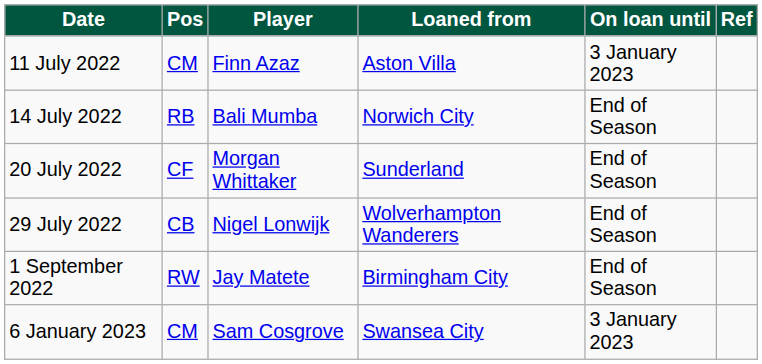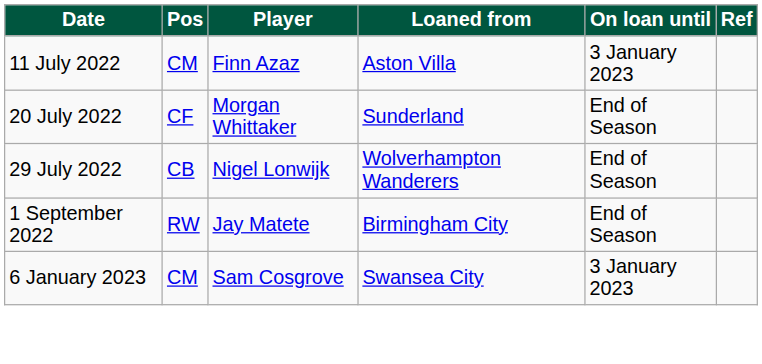 <table class="wikitable plainrowheaders sortable">
 <tr>
 <th style="background:#00563F; color:#ffffff; ">Date</th>
 <th style="background:#00563F; color:#ffffff; ">Pos</th>
 <th style="background:#00563F; color:#ffffff; ">Player</th>
 <th style="background:#00563F; color:#ffffff; ">Loaned from</th>
 <th style="background:#00563F; color:#ffffff; ">On loan until</th>
 <th style="background:#00563F; color:#ffffff; ">Ref</th>
 </tr>
 <tr>
 <td>11 July 2022</td>
 <td><a href='#'>CM</a></td>
 <td> <a href='#'>Finn Azaz</a></td>
 <td> <a href='#'>Aston Villa</a></td>
 <td>3 January 2023</td>
-<td></td>
-</tr>
-<tr>
-<td>14 July 2022</td>
-<td><a href='#'>RB</a></td>
-<td> <a href='#'>Bali Mumba</a></td>
-<td> <a href='#'>Norwich City</a></td>
-<td>End of Season</td>
 <td></td>
 </tr>
 <tr>
 <td>20 July 2022</td>
 <td><a href='#'>CF</a></td>
 <td> <a href='#'>Morgan Whittaker</a></td>
 <td> <a href='#'>Sunderland</a></td>
 <td>End of Season</td>
 <td></td>
 </tr>
 <tr>
 <td>29 July 2022</td>
 <td><a href='#'>CB</a></td>
 <td> <a href='#'>Nigel Lonwijk</a></td>
 <td> <a href='#'>Wolverhampton Wanderers</a></td>
 <td>End of Season</td>
 <td></td>
 </tr>
 <tr>
 <td>1 September 2022</td>
 <td><a href='#'>RW</a></td>
 <td> <a href='#'>Jay Matete</a></td>
 <td> <a href='#'>Birmingham City</a></td>
 <td>End of Season</td>
 <td></td>
 </tr>
 <tr>
 <td>6 January 2023</td>
 <td><a href='#'>CM</a></td>
 <td> <a href='#'>Sam Cosgrove</a></td>
 <td> <a href='#'>Swansea City</a></td>
 <td>3 January 2023</td>
 <td></td>
 </tr>
 </table>
